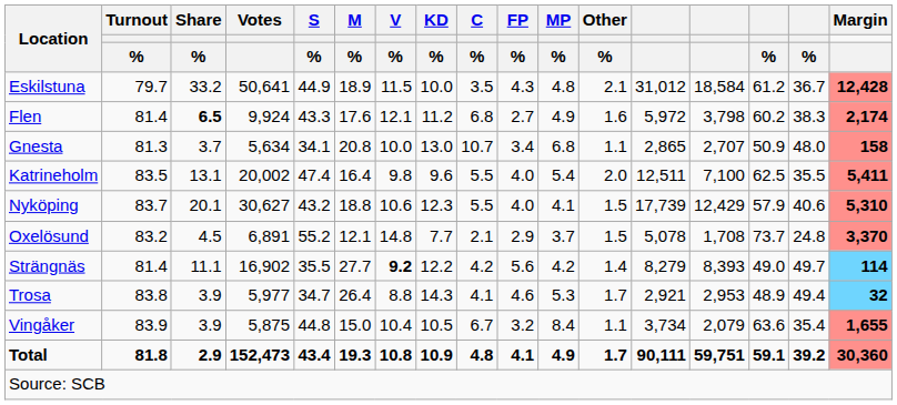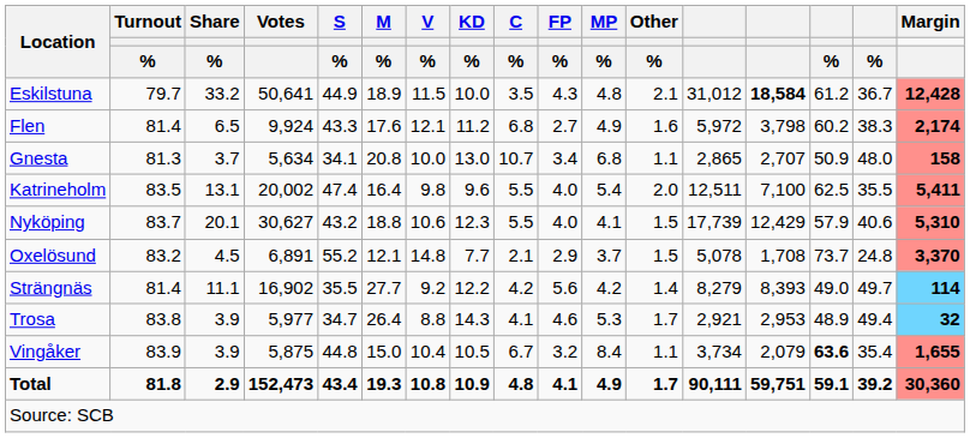 <table class="wikitable sortable" style="text-align:right; font-size:95%; line-height:20px;">
 <tr>
 <th rowspan="3">Location</th>
 <th>Turnout</th>
 <th>Share</th>
 <th>Votes</th>
 <th width="30px" class="unsortable"><a href='#'>S</a></th>
 <th width="30px" class="unsortable"><a href='#'>M</a></th>
 <th width="30px" class="unsortable"><a href='#'>V</a></th>
 <th width="30px" class="unsortable"><a href='#'>KD</a></th>
 <th width="30px" class="unsortable"><a href='#'>C</a></th>
 <th width="30px" class="unsortable"><a href='#'>FP</a></th>
 <th width="30px" class="unsortable"><a href='#'>MP</a></th>
 <th width="30px" class="unsortable">Other</th>
 <th></th>
 <th></th>
 <th></th>
 <th></th>
 <th>Margin</th>
 </tr>
 <tr>
 <th></th>
 <th></th>
 <th></th>
 <th style="background:"></th>
 <th style="background:"></th>
 <th style="background:"></th>
 <th style="background:"></th>
 <th style="background:"></th>
 <th style="background:"></th>
 <th style="background:"></th>
 <th style="background:"></th>
 <th style="background:"></th>
 <th style="background:"></th>
 <th style="background:"></th>
 <th style="background:"></th>
 </tr>
 <tr>
 <th data-sort-type="number">%</th>
 <th data-sort-type="number">%</th>
 <th></th>
 <th data-sort-type="number">%</th>
 <th data-sort-type="number">%</th>
 <th data-sort-type="number">%</th>
 <th data-sort-type="number">%</th>
 <th data-sort-type="number">%</th>
 <th data-sort-type="number">%</th>
 <th data-sort-type="number">%</th>
 <th data-sort-type="number">%</th>
 <th data-sort-type="number"></th>
 <th data-sort-type="number"></th>
 <th data-sort-type="number">%</th>
 <th data-sort-type="number">%</th>
 <th data-sort-type="number"></th>
 </tr>
 <tr>
 <td align=left><a href='#'>Eskilstuna</a></td>
 <td>79.7</td>
 <td>33.2</td>
 <td>50,641</td>
 <td>44.9</td>
 <td>18.9</td>
 <td>11.5</td>
 <td>10.0</td>
 <td>3.5</td>
 <td>4.3</td>
 <td>4.8</td>
 <td>2.1</td>
 <td>31,012</td>
-<td>18,584</td>
+<td><strong>18,584</strong></td>
 <td>61.2</td>
 <td>36.7</td>
 <td bgcolor=#ff908c><strong>12,428</strong></td>
 </tr>
 <tr>
 <td align=left><a href='#'>Flen</a></td>
 <td>81.4</td>
-<td><strong>6.5</strong></td>
+<td>6.5</td>
 <td>9,924</td>
 <td>43.3</td>
 <td>17.6</td>
 <td>12.1</td>
 <td>11.2</td>
 <td>6.8</td>
 <td>2.7</td>
 <td>4.9</td>
 <td>1.6</td>
 <td>5,972</td>
 <td>3,798</td>
 <td>60.2</td>
 <td>38.3</td>
 <td bgcolor=#ff908c><strong>2,174</strong></td>
 </tr>
 <tr>
 <td align=left><a href='#'>Gnesta</a></td>
 <td>81.3</td>
 <td>3.7</td>
 <td>5,634</td>
 <td>34.1</td>
 <td>20.8</td>
 <td>10.0</td>
 <td>13.0</td>
 <td>10.7</td>
 <td>3.4</td>
 <td>6.8</td>
 <td>1.1</td>
 <td>2,865</td>
 <td>2,707</td>
 <td>50.9</td>
 <td>48.0</td>
 <td bgcolor=#ff908c><strong>158</strong></td>
 </tr>
 <tr>
 <td align=left><a href='#'>Katrineholm</a></td>
 <td>83.5</td>
 <td>13.1</td>
 <td>20,002</td>
 <td>47.4</td>
 <td>16.4</td>
 <td>9.8</td>
 <td>9.6</td>
 <td>5.5</td>
 <td>4.0</td>
 <td>5.4</td>
 <td>2.0</td>
 <td>12,511</td>
 <td>7,100</td>
 <td>62.5</td>
 <td>35.5</td>
 <td bgcolor=#ff908c><strong>5,411</strong></td>
 </tr>
 <tr>
 <td align=left><a href='#'>Nyköping</a></td>
 <td>83.7</td>
 <td>20.1</td>
 <td>30,627</td>
 <td>43.2</td>
 <td>18.8</td>
 <td>10.6</td>
 <td>12.3</td>
 <td>5.5</td>
 <td>4.0</td>
 <td>4.1</td>
 <td>1.5</td>
 <td>17,739</td>
 <td>12,429</td>
 <td>57.9</td>
 <td>40.6</td>
 <td bgcolor=#ff908c><strong>5,310</strong></td>
 </tr>
 <tr>
 <td align=left><a href='#'>Oxelösund</a></td>
 <td>83.2</td>
 <td>4.5</td>
 <td>6,891</td>
 <td>55.2</td>
 <td>12.1</td>
 <td>14.8</td>
 <td>7.7</td>
 <td>2.1</td>
 <td>2.9</td>
 <td>3.7</td>
 <td>1.5</td>
 <td>5,078</td>
 <td>1,708</td>
 <td>73.7</td>
 <td>24.8</td>
 <td bgcolor=#ff908c><strong>3,370</strong></td>
 </tr>
 <tr>
 <td align=left><a href='#'>Strängnäs</a></td>
 <td>81.4</td>
 <td>11.1</td>
 <td>16,902</td>
 <td>35.5</td>
 <td>27.7</td>
-<td><strong>9.2</strong></td>
+<td>9.2</td>
 <td>12.2</td>
 <td>4.2</td>
 <td>5.6</td>
 <td>4.2</td>
 <td>1.4</td>
 <td>8,279</td>
 <td>8,393</td>
 <td>49.0</td>
 <td>49.7</td>
 <td bgcolor=#6fd5fe><strong>114</strong></td>
 </tr>
 <tr>
 <td align=left><a href='#'>Trosa</a></td>
 <td>83.8</td>
 <td>3.9</td>
 <td>5,977</td>
 <td>34.7</td>
 <td>26.4</td>
 <td>8.8</td>
 <td>14.3</td>
 <td>4.1</td>
 <td>4.6</td>
 <td>5.3</td>
 <td>1.7</td>
 <td>2,921</td>
 <td>2,953</td>
 <td>48.9</td>
 <td>49.4</td>
 <td bgcolor=#6fd5fe><strong>32</strong></td>
 </tr>
 <tr>
 <td align=left><a href='#'>Vingåker</a></td>
 <td>83.9</td>
 <td>3.9</td>
 <td>5,875</td>
 <td>44.8</td>
 <td>15.0</td>
 <td>10.4</td>
 <td>10.5</td>
 <td>6.7</td>
 <td>3.2</td>
 <td>8.4</td>
 <td>1.1</td>
 <td>3,734</td>
 <td>2,079</td>
-<td>63.6</td>
+<td><strong>63.6</strong></td>
 <td>35.4</td>
 <td bgcolor=#ff908c><strong>1,655</strong></td>
 </tr>
 <tr>
 <td align=left><strong>Total</strong></td>
 <td><strong>81.8</strong></td>
 <td><strong>2.9</strong></td>
 <td><strong>152,473</strong></td>
 <td><strong>43.4</strong></td>
 <td><strong>19.3</strong></td>
 <td><strong>10.8</strong></td>
 <td><strong>10.9</strong></td>
 <td><strong>4.8</strong></td>
 <td><strong>4.1</strong></td>
 <td><strong>4.9</strong></td>
 <td><strong>1.7</strong></td>
 <td><strong>90,111</strong></td>
 <td><strong>59,751</strong></td>
 <td><strong>59.1</strong></td>
 <td><strong>39.2</strong></td>
 <td bgcolor=#ff908c><strong>30,360</strong></td>
 </tr>
 <tr>
 <td align=left colspan=17>Source: SCB </td>
 </tr>
 </table>
